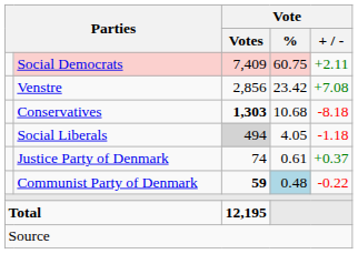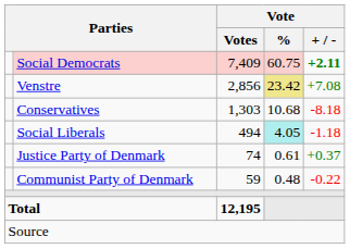 <table class="wikitable" style="text-align:right;">
 <tr>
 <th style="text-align:centre;" rowspan="2" colspan="2" width="225">Parties</th>
 <th colspan="3">Vote</th>
 </tr>
 <tr>
 <th width="15">Votes</th>
 <th width="15">%</th>
 <th width="15">+ / -</th>
 </tr>
 <tr>
 <td width="2" style="color:inherit;background:"></td>
 <td bgcolor=#fbd0ce  align="left"><a href='#'>Social Democrats</a></td>
 <td bgcolor=#fbd0ce>7,409</td>
 <td bgcolor=#fbd0ce>60.75</td>
-<td style=color:green;>+2.11</td>
+<td style=color:green;><strong>+2.11</strong></td>
 </tr>
 <tr>
 <td width="2" style="color:inherit;background:"></td>
 <td align="left"><a href='#'>Venstre</a></td>
 <td>2,856</td>
-<td>23.42</td>
+<td style="background: khaki;">23.42</td>
 <td style=color:green;>+7.08</td>
 </tr>
 <tr>
 <td width="2" style="color:inherit;background:"></td>
 <td align="left"><a href='#'>Conservatives</a></td>
-<td><strong>1,303</strong></td>
+<td>1,303</td>
 <td>10.68</td>
 <td style=color:red;>-8.18</td>
 </tr>
 <tr>
 <td width="2" style="color:inherit;background:"></td>
 <td align="left"><a href='#'>Social Liberals</a></td>
-<td style="background: lightgrey;">494</td>
-<td>4.05</td>
+<td>494</td>
+<td style="background: paleturquoise;">4.05</td>
 <td style=color:red;>-1.18</td>
 </tr>
 <tr>
 <td width="2" style="color:inherit;background:"></td>
 <td align="left"><a href='#'>Justice Party of Denmark</a></td>
 <td>74</td>
 <td>0.61</td>
 <td style=color:green;>+0.37</td>
 </tr>
 <tr>
 <td width="2" style="color:inherit;background:"></td>
 <td align="left"><a href='#'>Communist Party of Denmark</a></td>
-<td><strong>59</strong></td>
-<td style="background: lightblue;">0.48</td>
+<td>59</td>
+<td>0.48</td>
 <td style=color:red;>-0.22</td>
 </tr>
 <tr>
 <td colspan="7" bgcolor="#E9E9E9"></td>
 </tr>
 <tr>
 <td align="left" colspan="2"><strong>Total</strong></td>
 <td><strong>12,195</strong></td>
 <td bgcolor="#E9E9E9" colspan="2"></td>
 </tr>
 <tr>
 <td align="left" colspan="6">Source</td>
 </tr>
 </table>
